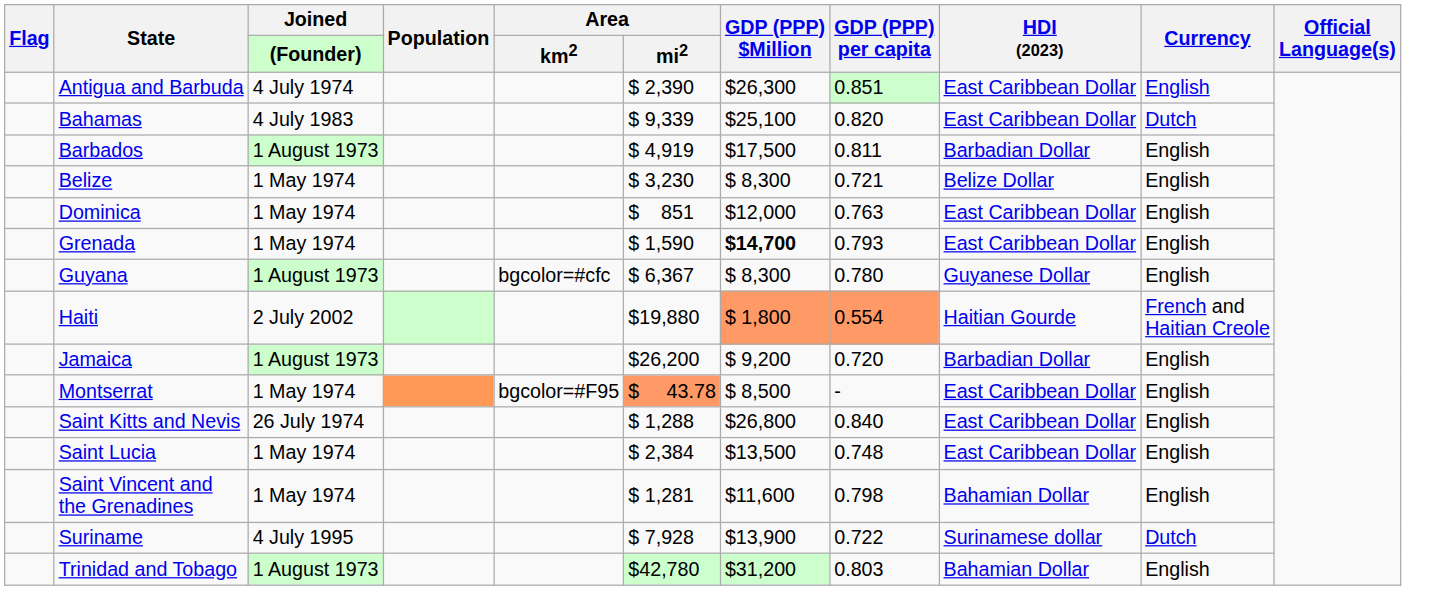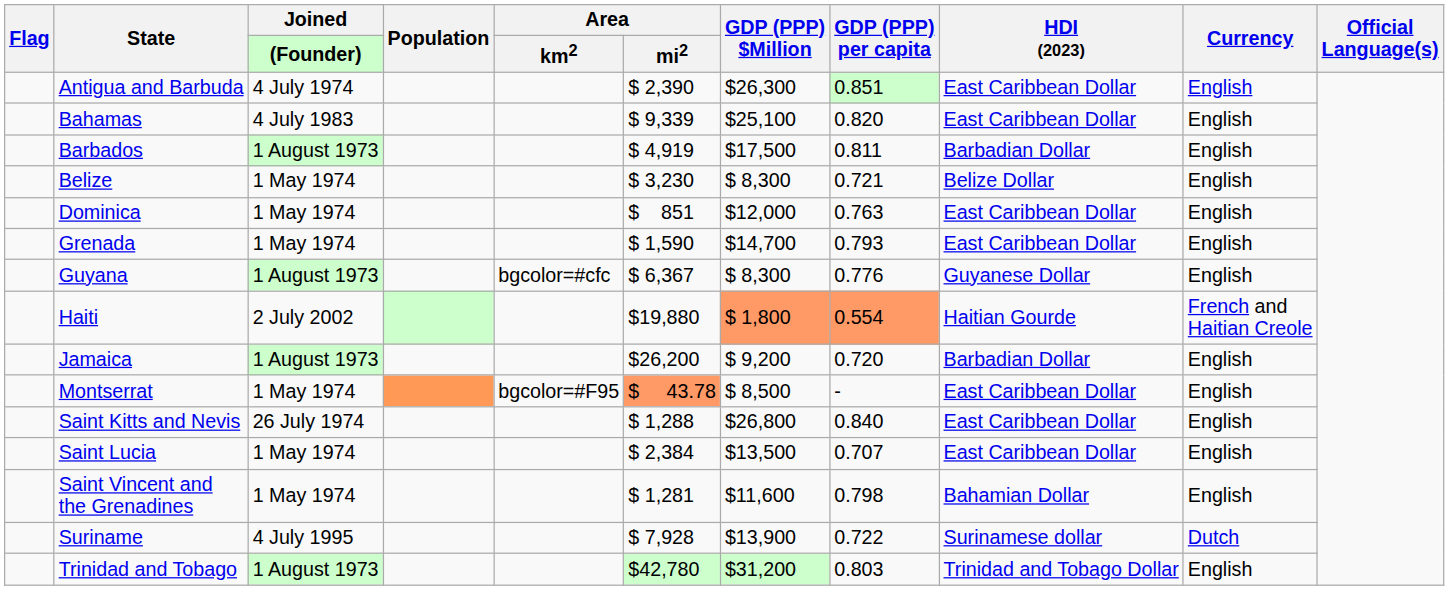 <table class="wikitable sortable">
 <tr>
 <th scope="col" rowspan=2 style="width:2em" class="unsortable"><a href='#'>Flag</a></th>
 <th scope="col" rowspan=2>State</th>
 <th scope="col">Joined</th>
 <th scope="col" rowspan=2>Popu­lation</th>
 <th scope="col" colspan=2>Area</th>
 <th scope="col" rowspan=2><a href='#'>GDP (PPP)<br>$Million</a></th>
 <th scope="col" rowspan=2><a href='#'>GDP (PPP)<br>per capita</a></th>
 <th scope="col" rowspan=2><a href='#'>HDI</a><br><small>(2023)</small></th>
 <th scope="col" rowspan=2><a href='#'>Currency</a></th>
 <th scope="col" rowspan=2><a href='#'>Official<br>Language(s)</a></th>
 </tr>
 <tr>
 <th style=background-color:#cfc>(Founder)</th>
 <th>km<sup>2</sup></th>
 <th scope-"col">mi<sup>2</sup></th>
 </tr>
 <tr>
 <td></td>
 <td><a href='#'>Antigua and Barbuda</a></td>
 <td>4 July 1974</td>
 <td style=text-align:right></td>
 <td></td>
 <td>$ 2,390</td>
 <td>$26,300</td>
 <td bgcolor=#cfc>0.851</td>
 <td><a href='#'>East Caribbean Dollar</a></td>
 <td><a href='#'>English</a></td>
 </tr>
 <tr>
 <td></td>
 <td><a href='#'>Bahamas</a></td>
 <td>4 July 1983</td>
 <td style=text-align:right></td>
 <td></td>
 <td>$ 9,339</td>
 <td>$25,100</td>
 <td>0.820</td>
 <td><a href='#'>East Caribbean Dollar</a></td>
-<td><a href='#'>Dutch</a></td>
+<td>English</td>
 </tr>
 <tr>
 <td></td>
 <td><a href='#'>Barbados</a></td>
 <td bgcolor=#cfc>1 August 1973</td>
 <td style=text-align:right></td>
 <td></td>
 <td>$ 4,919</td>
 <td>$17,500</td>
 <td>0.811</td>
 <td><a href='#'>Barbadian Dollar</a></td>
 <td>English</td>
 </tr>
 <tr>
 <td></td>
 <td><a href='#'>Belize</a></td>
 <td>1 May 1974</td>
 <td style=text-align:right></td>
 <td></td>
 <td>$ 3,230</td>
 <td>$ 8,300</td>
 <td>0.721</td>
 <td><a href='#'>Belize Dollar</a></td>
 <td>English</td>
 </tr>
 <tr>
 <td></td>
 <td><a href='#'>Dominica</a></td>
 <td>1 May 1974</td>
 <td style=text-align:right></td>
 <td></td>
 <td>$    851</td>
 <td>$12,000</td>
 <td>0.763</td>
 <td><a href='#'>East Caribbean Dollar</a></td>
 <td>English</td>
 </tr>
 <tr>
 <td></td>
 <td><a href='#'>Grenada</a></td>
 <td>1 May 1974</td>
 <td style=text-align:right></td>
 <td></td>
 <td>$  1,590</td>
-<td><strong>$14,700</strong></td>
+<td>$14,700</td>
 <td>0.793</td>
 <td><a href='#'>East Caribbean Dollar</a></td>
 <td>English</td>
 </tr>
 <tr>
 <td></td>
 <td><a href='#'>Guyana</a></td>
 <td bgcolor=#cfc>1 August 1973</td>
 <td style=text-align:right></td>
 <td>bgcolor=#cfc </td>
 <td>$  6,367</td>
 <td>$ 8,300</td>
-<td>0.780</td>
+<td>0.776</td>
 <td><a href='#'>Guyanese Dollar</a></td>
 <td>English</td>
 </tr>
 <tr>
 <td></td>
 <td><a href='#'>Haiti</a></td>
 <td>2 July 2002</td>
 <td style=text-align:right; bgcolor=#cfc></td>
 <td></td>
 <td>$19,880</td>
 <td bgcolor=#F96>$ 1,800</td>
 <td bgcolor=#F96>0.554</td>
 <td><a href='#'>Haitian Gourde</a></td>
 <td><a href='#'>French</a> and<br><a href='#'>Haitian Creole</a></td>
 </tr>
 <tr>
 <td></td>
 <td><a href='#'>Jamaica</a></td>
 <td bgcolor=#cfc>1 August 1973</td>
 <td style=text-align:right></td>
 <td></td>
 <td>$26,200</td>
 <td>$ 9,200</td>
 <td>0.720</td>
 <td><a href='#'>Barbadian Dollar</a></td>
 <td>English</td>
 </tr>
 <tr>
 <td></td>
 <td><a href='#'>Montserrat</a></td>
 <td>1 May 1974</td>
 <td style=text-align:right; bgcolor=#F95></td>
 <td>bgcolor=#F95 </td>
 <td bgcolor=#F96>$     43.78</td>
 <td>$ 8,500</td>
 <td>-</td>
 <td><a href='#'>East Caribbean Dollar</a></td>
 <td>English</td>
 </tr>
 <tr>
 <td></td>
 <td><a href='#'>Saint Kitts and Nevis</a></td>
 <td>26 July 1974</td>
 <td style=text-align:right></td>
 <td></td>
 <td>$ 1,288</td>
 <td>$26,800</td>
 <td>0.840</td>
 <td><a href='#'>East Caribbean Dollar</a></td>
 <td>English</td>
 </tr>
 <tr>
 <td></td>
 <td><a href='#'>Saint Lucia</a></td>
 <td>1 May 1974</td>
 <td style=text-align:right></td>
 <td></td>
 <td>$ 2,384</td>
 <td>$13,500</td>
-<td>0.748</td>
+<td>0.707</td>
 <td><a href='#'>East Caribbean Dollar</a></td>
 <td>English</td>
 </tr>
 <tr>
 <td></td>
 <td><a href='#'>Saint Vincent and<br> the Grenadines</a></td>
 <td>1 May 1974</td>
 <td style=text-align:right></td>
 <td></td>
 <td>$ 1,281</td>
 <td>$11,600</td>
 <td>0.798</td>
 <td><a href='#'>Bahamian Dollar</a></td>
 <td>English</td>
 </tr>
 <tr>
 <td></td>
 <td><a href='#'>Suriname</a></td>
 <td>4 July 1995</td>
 <td style=text-align:right></td>
 <td></td>
 <td>$ 7,928</td>
 <td>$13,900</td>
 <td>0.722</td>
 <td><a href='#'>Surinamese dollar</a></td>
 <td><a href='#'>Dutch</a></td>
 </tr>
 <tr>
 <td></td>
 <td><a href='#'>Trinidad and Tobago</a></td>
 <td bgcolor=#cfc>1 August 1973</td>
 <td style=text-align:right></td>
 <td></td>
 <td bgcolor=#cfc>$42,780</td>
 <td bgcolor=#cfc>$31,200</td>
 <td>0.803</td>
-<td><a href='#'>Bahamian Dollar</a></td>
+<td><a href='#'>Trinidad and Tobago Dollar</a></td>
 <td>English</td>
 </tr>
 </table>
